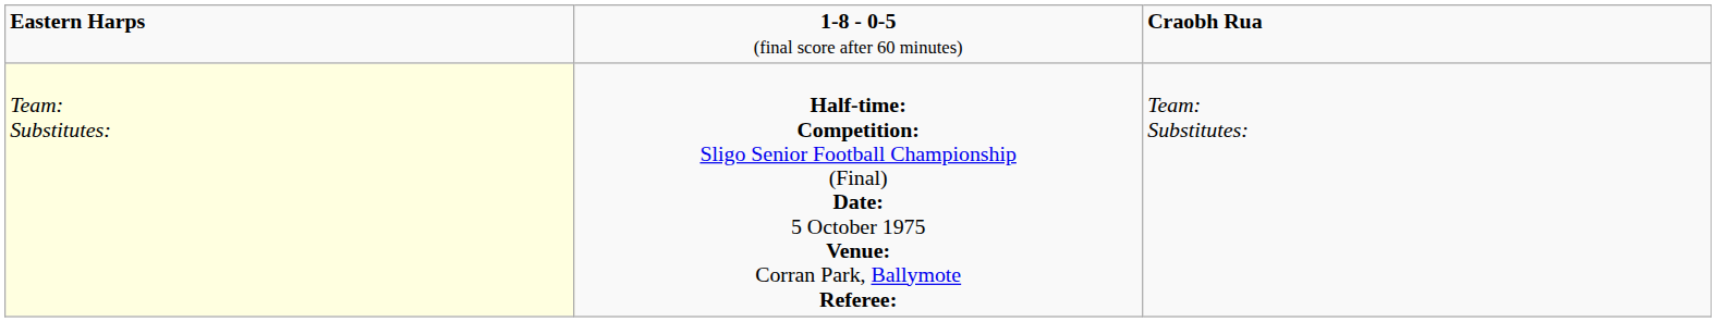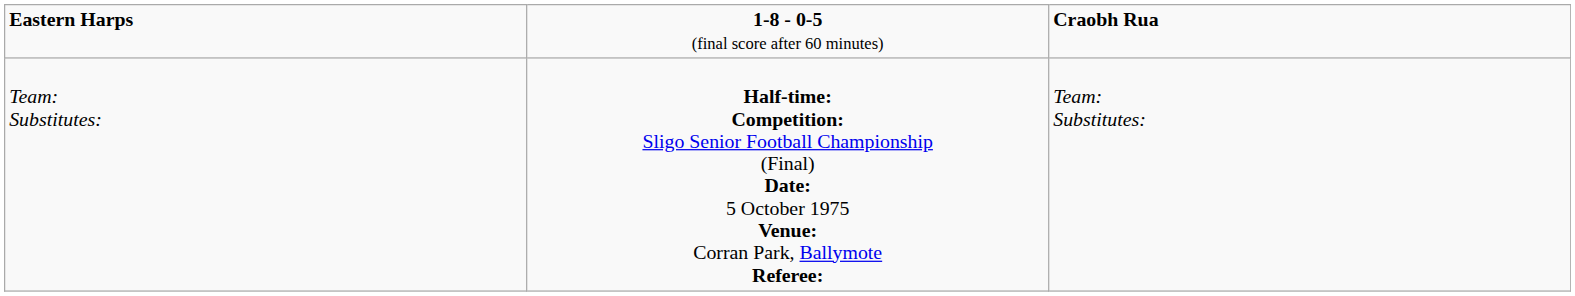 <table border=0 class="wikitable" width=100%>
 <tr>
 <td width=33% valign=top><span><strong>Eastern Harps</strong></span><br><small></small></td>
 <td width=33% valign=top align=center><span><strong>1-8 - 0-5</strong></span><br><small>(final score after 60 minutes)</small></td>
 <td width=33% valign=top><span><strong>Craobh Rua</strong></span><br><small></small></td>
 </tr>
 <tr>
-<td valign=top style="background: lightyellow;"><br><em>Team:</em> <br><em>Substitutes:</em> <br></td>
+<td valign=top><br><em>Team:</em> <br><em>Substitutes:</em> <br></td>
 <td valign=middle align=center><br><strong>Half-time:</strong><br><strong>Competition:</strong><br><a href='#'>Sligo Senior Football Championship</a><br>(Final)<br><strong>Date:</strong><br>5 October 1975<br><strong>Venue:</strong><br>Corran Park, <a href='#'>Ballymote</a><br><strong>Referee:</strong><br> </td>
 <td valign=top><br><em>Team:</em> <br><em>Substitutes:</em> <br></td>
 </tr>
 </table>
